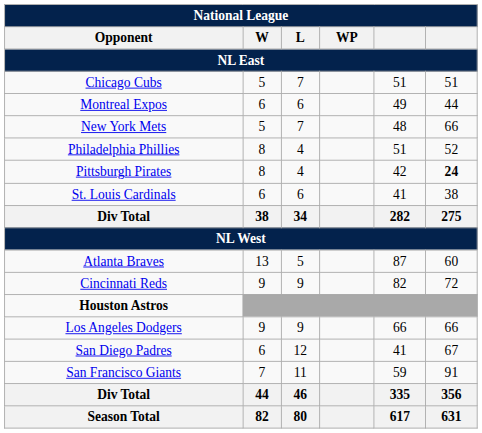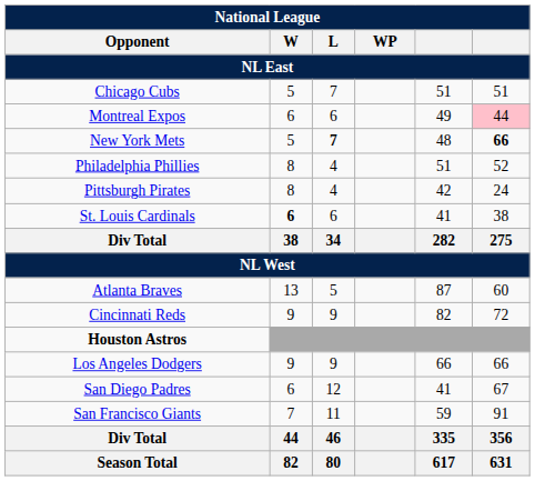 <table class="wikitable" style="margin:1em auto; font-size:95%; text-align:center; width:35em;">
 <tr>
 <th colspan="7" style="background:#03224c; color:#ffffff;">National League</th>
 </tr>
 <tr>
 <th>Opponent</th>
 <th>W</th>
 <th>L</th>
 <th>WP</th>
 <th></th>
 <th></th>
 </tr>
 <tr>
 <th colspan="7" style="background:#03224c; color:#ffffff;">NL East</th>
 </tr>
 <tr>
 <td><a href='#'>Chicago Cubs</a></td>
 <td>5</td>
 <td>7</td>
 <td></td>
 <td>51</td>
 <td>51</td>
 </tr>
 <tr>
 <td><a href='#'>Montreal Expos</a></td>
 <td>6</td>
 <td>6</td>
 <td></td>
 <td>49</td>
-<td>44</td>
+<td style="background: pink;">44</td>
 </tr>
 <tr>
 <td><a href='#'>New York Mets</a></td>
 <td>5</td>
-<td>7</td>
+<td><strong>7</strong></td>
 <td></td>
 <td>48</td>
-<td>66</td>
+<td><strong>66</strong></td>
 </tr>
 <tr>
 <td><a href='#'>Philadelphia Phillies</a></td>
 <td>8</td>
 <td>4</td>
 <td></td>
 <td>51</td>
 <td>52</td>
 </tr>
 <tr>
 <td><a href='#'><span>Pittsburgh Pirates</span></a></td>
 <td>8</td>
 <td>4</td>
 <td></td>
 <td>42</td>
-<td><strong>24</strong></td>
+<td>24</td>
 </tr>
 <tr>
 <td><a href='#'>St. Louis Cardinals</a></td>
-<td>6</td>
+<td><strong>6</strong></td>
 <td>6</td>
 <td></td>
 <td>41</td>
 <td>38</td>
 </tr>
 <tr>
 <th>Div Total</th>
 <th>38</th>
 <th>34</th>
 <th></th>
 <th>282</th>
 <th>275</th>
 </tr>
 <tr>
 <th colspan="7" style="background:#03224c; color:#ffffff;">NL West</th>
 </tr>
 <tr>
 <td><a href='#'>Atlanta Braves</a></td>
 <td>13</td>
 <td>5</td>
 <td></td>
 <td>87</td>
 <td>60</td>
 </tr>
 <tr>
 <td><a href='#'><span>Cincinnati Reds</span></a></td>
 <td>9</td>
 <td>9</td>
 <td></td>
 <td>82</td>
 <td>72</td>
 </tr>
 <tr>
 <td><span><strong>Houston Astros</strong></span></td>
 <td colspan=5 style="background:darkgray;"></td>
 </tr>
 <tr>
 <td><a href='#'>Los Angeles Dodgers</a></td>
 <td>9</td>
 <td>9</td>
 <td></td>
 <td>66</td>
 <td>66</td>
 </tr>
 <tr>
 <td><a href='#'>San Diego Padres</a></td>
 <td>6</td>
 <td>12</td>
 <td></td>
 <td>41</td>
 <td>67</td>
 </tr>
 <tr>
 <td><a href='#'>San Francisco Giants</a></td>
 <td>7</td>
 <td>11</td>
 <td></td>
 <td>59</td>
 <td>91</td>
 </tr>
 <tr>
 <th>Div Total</th>
 <th>44</th>
 <th>46</th>
 <th></th>
 <th>335</th>
 <th>356</th>
 </tr>
 <tr>
 <th>Season Total</th>
 <th>82</th>
 <th>80</th>
 <th></th>
 <th>617</th>
 <th>631</th>
 </tr>
 </table>
